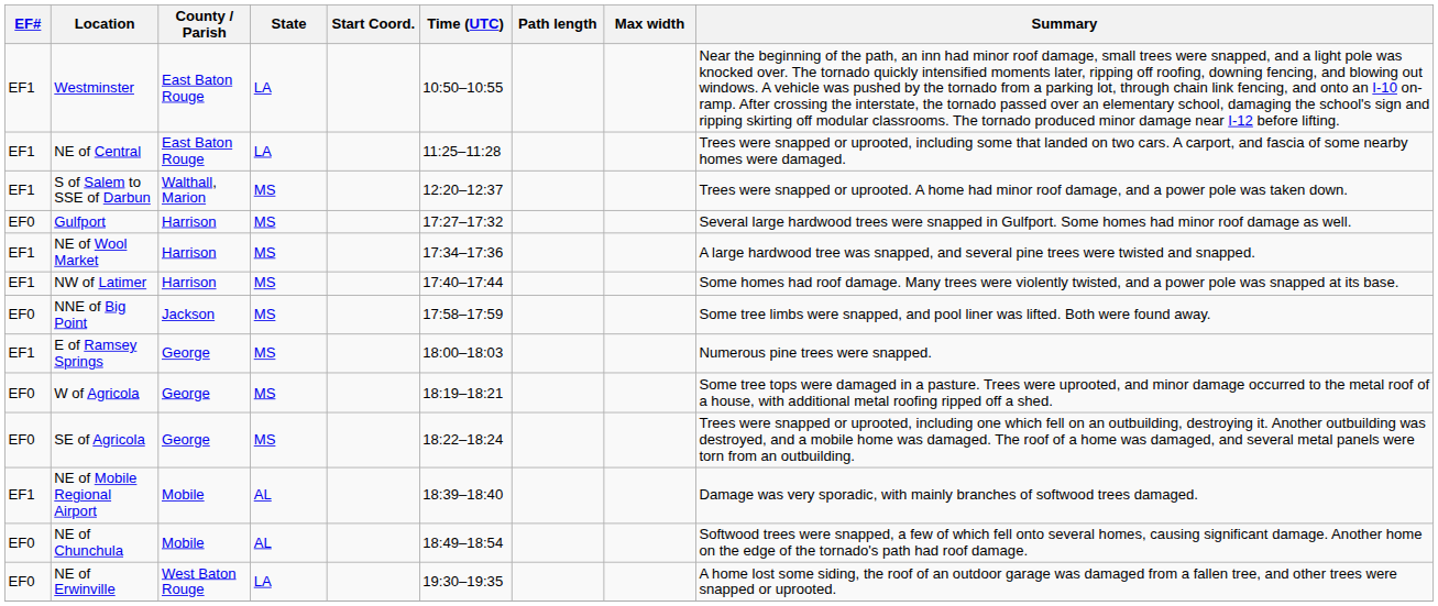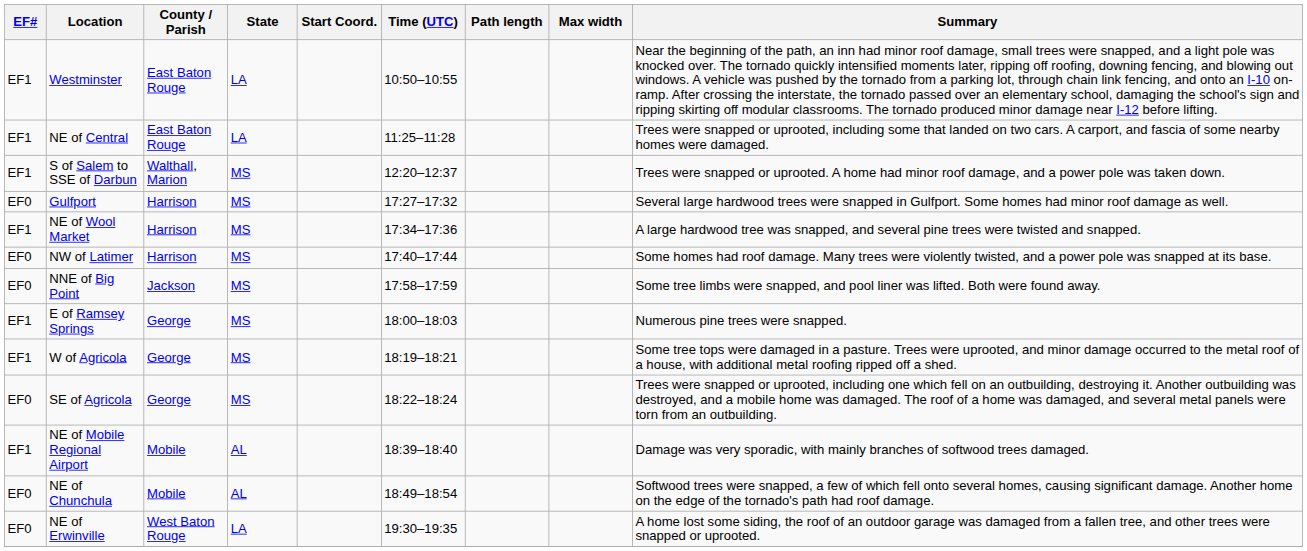 <table class="wikitable sortable" style="width:100%;">
 <tr>
 <th scope="col"  style="width:3%; text-align:center;"><a href='#'>EF#</a></th>
 <th scope="col"  style="width:7%; text-align:center;" class="unsortable">Location</th>
 <th scope="col"  style="width:6%; text-align:center;" class="unsortable">County / Parish</th>
 <th scope="col"  style="width:5%; text-align:center;">State</th>
 <th scope="col"  style="width:6%; text-align:center;">Start Coord.</th>
 <th scope="col"  style="width:6%; text-align:center;">Time (<a href='#'>UTC</a>)</th>
 <th scope="col"  style="width:6%; text-align:center;">Path length</th>
 <th scope="col"  style="width:6%; text-align:center;">Max width</th>
 <th scope="col" class="unsortable" style="width:48%; text-align:center;">Summary</th>
 </tr>
 <tr>
 <td>EF1</td>
 <td><a href='#'>Westminster</a></td>
 <td><a href='#'>East Baton Rouge</a></td>
 <td><a href='#'>LA</a></td>
 <td></td>
 <td>10:50–10:55</td>
 <td></td>
 <td></td>
 <td>Near the beginning of the path, an inn had minor roof damage, small trees were snapped, and a light pole was knocked over. The tornado quickly intensified moments later, ripping off roofing, downing fencing, and blowing out windows. A vehicle was pushed by the tornado from a parking lot, through chain link fencing, and onto an <a href='#'>I-10</a> on-ramp. After crossing the interstate, the tornado passed over an elementary school, damaging the school's sign and ripping skirting off modular classrooms. The tornado produced minor damage near <a href='#'>I-12</a> before lifting.</td>
 </tr>
 <tr>
 <td>EF1</td>
 <td>NE of <a href='#'>Central</a></td>
 <td><a href='#'>East Baton Rouge</a></td>
 <td><a href='#'>LA</a></td>
 <td></td>
 <td>11:25–11:28</td>
 <td></td>
 <td></td>
 <td>Trees were snapped or uprooted, including some that landed on two cars. A carport, and fascia of some nearby homes were damaged.</td>
 </tr>
 <tr>
 <td>EF1</td>
 <td>S of <a href='#'>Salem</a> to SSE of <a href='#'>Darbun</a></td>
 <td><a href='#'>Walthall</a>, <a href='#'>Marion</a></td>
 <td><a href='#'>MS</a></td>
 <td></td>
 <td>12:20–12:37</td>
 <td></td>
 <td></td>
 <td>Trees were snapped or uprooted. A home had minor roof damage, and a power pole was taken down.</td>
 </tr>
 <tr>
 <td>EF0</td>
 <td><a href='#'>Gulfport</a></td>
 <td><a href='#'>Harrison</a></td>
 <td><a href='#'>MS</a></td>
 <td></td>
 <td>17:27–17:32</td>
 <td></td>
 <td></td>
 <td>Several large hardwood trees were snapped in Gulfport. Some homes had minor roof damage as well.</td>
 </tr>
 <tr>
 <td>EF1</td>
 <td>NE of <a href='#'>Wool Market</a></td>
 <td><a href='#'>Harrison</a></td>
 <td><a href='#'>MS</a></td>
 <td></td>
 <td>17:34–17:36</td>
 <td></td>
 <td></td>
 <td>A large hardwood tree was snapped, and several pine trees were twisted and snapped.</td>
 </tr>
 <tr>
-<td>EF1</td>
+<td>EF0</td>
 <td>NW of <a href='#'>Latimer</a></td>
 <td><a href='#'>Harrison</a></td>
 <td><a href='#'>MS</a></td>
 <td></td>
 <td>17:40–17:44</td>
 <td></td>
 <td></td>
 <td>Some homes had roof damage. Many trees were violently twisted, and a power pole was snapped at its base.</td>
 </tr>
 <tr>
 <td>EF0</td>
 <td>NNE of <a href='#'>Big Point</a></td>
 <td><a href='#'>Jackson</a></td>
 <td><a href='#'>MS</a></td>
 <td></td>
 <td>17:58–17:59</td>
 <td></td>
 <td></td>
 <td>Some tree limbs were snapped, and pool liner was lifted. Both were found  away.</td>
 </tr>
 <tr>
 <td>EF1</td>
 <td>E of <a href='#'>Ramsey Springs</a></td>
 <td><a href='#'>George</a></td>
 <td><a href='#'>MS</a></td>
 <td></td>
 <td>18:00–18:03</td>
 <td></td>
 <td></td>
 <td>Numerous pine trees were snapped.</td>
 </tr>
 <tr>
-<td>EF0</td>
+<td>EF1</td>
 <td>W of <a href='#'>Agricola</a></td>
 <td><a href='#'>George</a></td>
 <td><a href='#'>MS</a></td>
 <td></td>
 <td>18:19–18:21</td>
 <td></td>
 <td></td>
 <td>Some tree tops were damaged in a pasture. Trees were uprooted, and minor damage occurred to the metal roof of a house, with additional metal roofing ripped off a shed.</td>
 </tr>
 <tr>
 <td>EF0</td>
 <td>SE of <a href='#'>Agricola</a></td>
 <td><a href='#'>George</a></td>
 <td><a href='#'>MS</a></td>
 <td></td>
 <td>18:22–18:24</td>
 <td></td>
 <td></td>
 <td>Trees were snapped or uprooted, including one which fell on an outbuilding, destroying it. Another outbuilding was destroyed, and a mobile home was damaged. The roof of a home was damaged, and several metal panels were torn from an outbuilding.</td>
 </tr>
 <tr>
 <td>EF1</td>
 <td>NE of <a href='#'>Mobile Regional Airport</a></td>
 <td><a href='#'>Mobile</a></td>
 <td><a href='#'>AL</a></td>
 <td></td>
 <td>18:39–18:40</td>
 <td></td>
 <td></td>
 <td>Damage was very sporadic, with mainly branches of softwood trees damaged.</td>
 </tr>
 <tr>
 <td>EF0</td>
 <td>NE of <a href='#'>Chunchula</a></td>
 <td><a href='#'>Mobile</a></td>
 <td><a href='#'>AL</a></td>
 <td></td>
 <td>18:49–18:54</td>
 <td></td>
 <td></td>
 <td>Softwood trees were snapped, a few of which fell onto several homes, causing significant damage. Another home on the edge of the tornado's path had roof damage.</td>
 </tr>
 <tr>
 <td>EF0</td>
 <td>NE of <a href='#'>Erwinville</a></td>
 <td><a href='#'>West Baton Rouge</a></td>
 <td><a href='#'>LA</a></td>
 <td></td>
 <td>19:30–19:35</td>
 <td></td>
 <td></td>
 <td>A home lost some siding, the roof of an outdoor garage was damaged from a fallen tree, and other trees were snapped or uprooted.</td>
 </tr>
 <tr>
 </tr>
 </table>
